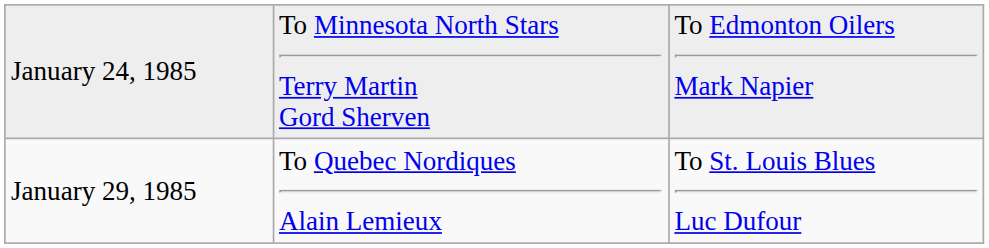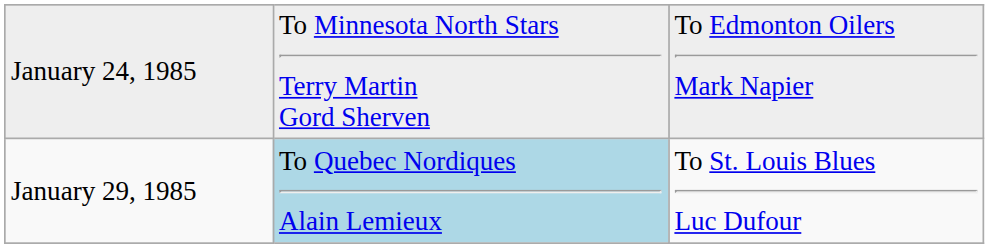 <table class="wikitable" style="border:1px solid #999; width:580px;">
 <tr style="background:#eee;">
 <td>January 24, 1985</td>
 <td valign="top">To <a href='#'>Minnesota North Stars</a><hr><a href='#'>Terry Martin</a><br><a href='#'>Gord Sherven</a></td>
 <td valign="top">To <a href='#'>Edmonton Oilers</a><hr><a href='#'>Mark Napier</a></td>
 </tr>
 <tr>
 <td>January 29, 1985</td>
-<td valign="top">To <a href='#'>Quebec Nordiques</a><hr><a href='#'>Alain Lemieux</a></td>
+<td valign="top" style="background: lightblue;">To <a href='#'>Quebec Nordiques</a><hr><a href='#'>Alain Lemieux</a></td>
 <td valign="top">To <a href='#'>St. Louis Blues</a><hr><a href='#'>Luc Dufour</a></td>
 </tr>
 </table>
